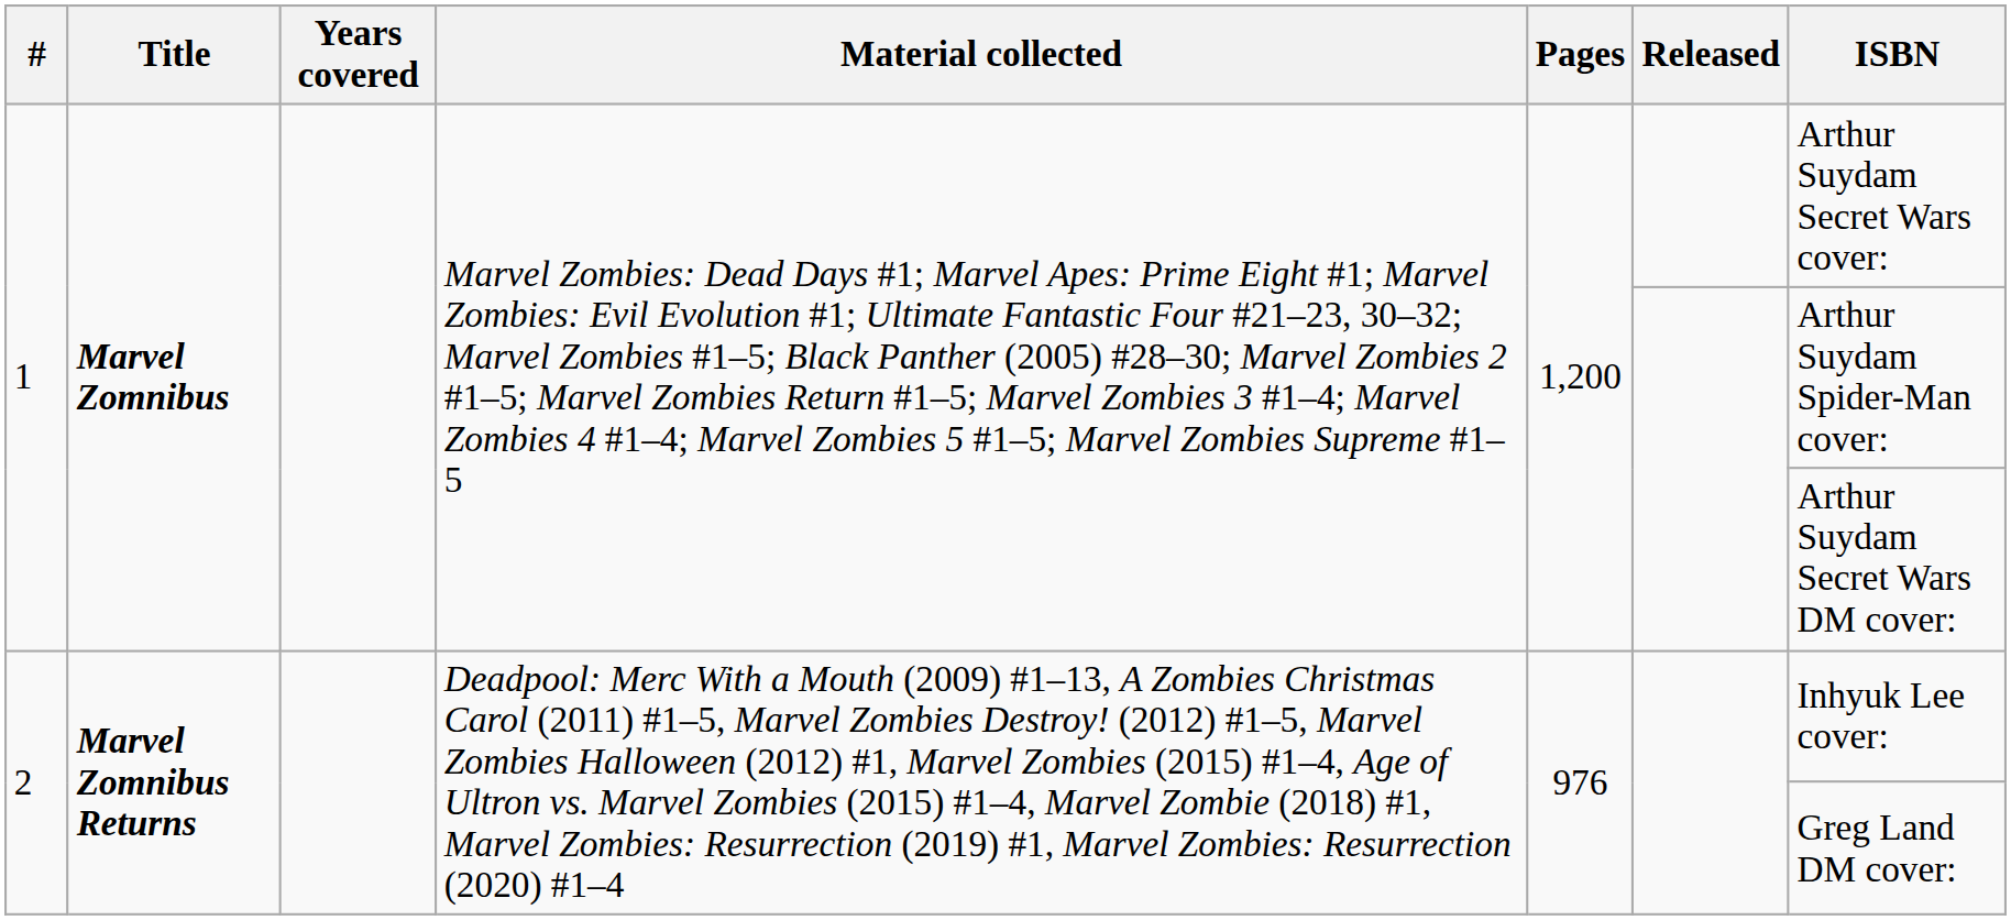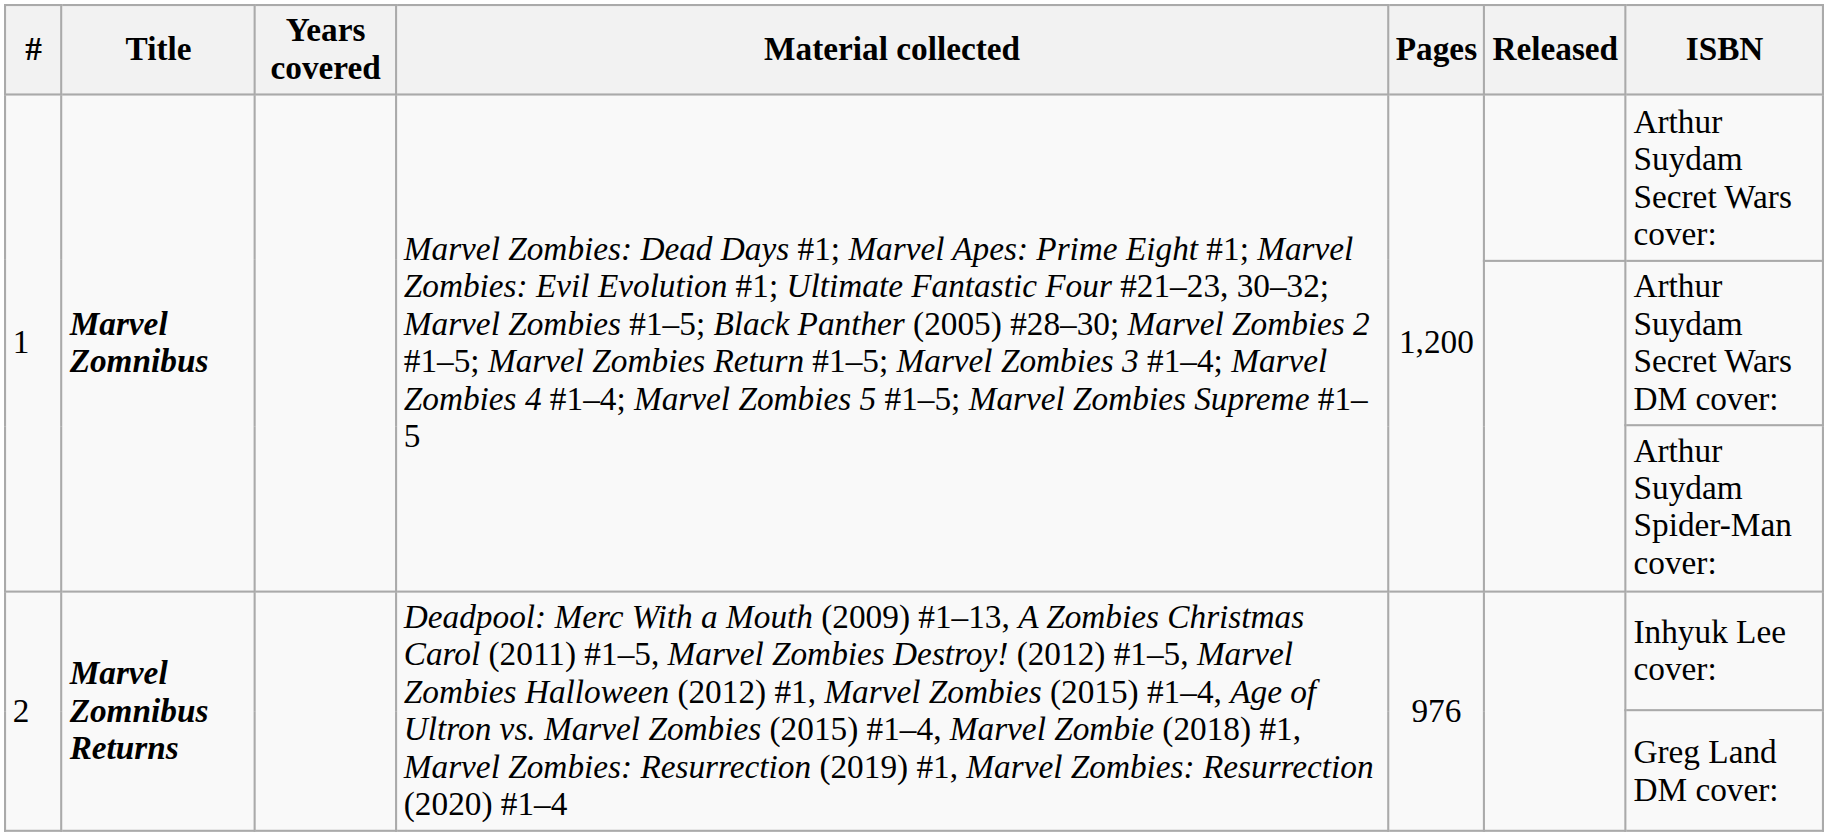 <table class="wikitable sortable" width=99%>
 <tr>
 <th class="unsortable" width=20px>#</th>
 <th>Title</th>
 <th>Years covered</th>
 <th class="unsortable">Material collected</th>
 <th>Pages</th>
 <th>Released</th>
 <th class="unsortable">ISBN</th>
 </tr>
 <tr>
 <td rowspan=3>1</td>
 <td rowspan=3><strong><em>Marvel Zomnibus</em></strong></td>
 <td rowspan=3></td>
 <td rowspan=3><em>Marvel Zombies: Dead Days</em> #1; <em>Marvel Apes: Prime Eight</em> #1; <em>Marvel Zombies: Evil Evolution</em> #1; <em>Ultimate Fantastic Four</em> #21–23, 30–32; <em>Marvel Zombies</em> #1–5; <em>Black Panther</em> (2005) #28–30; <em>Marvel Zombies 2</em> #1–5; <em>Marvel Zombies Return</em> #1–5; <em>Marvel Zombies 3</em> #1–4; <em>Marvel Zombies 4</em> #1–4; <em>Marvel Zombies 5</em> #1–5; <em>Marvel Zombies Supreme</em> #1–5</td>
 <td style="text-align: center;" rowspan=3>1,200</td>
 <td></td>
 <td>Arthur Suydam Secret Wars cover: </td>
 </tr>
 <tr>
 <td rowspan=2></td>
-<td>Arthur Suydam Spider-Man cover: </td>
+<td>Arthur Suydam Secret Wars DM cover: </td>
 </tr>
 <tr>
-<td>Arthur Suydam Secret Wars DM cover: </td>
+<td>Arthur Suydam Spider-Man cover: </td>
 </tr>
 <tr>
 <td rowspan=2>2</td>
 <td rowspan=2><strong><em>Marvel Zomnibus Returns</em></strong></td>
 <td rowspan=2></td>
 <td rowspan=2><em>Deadpool: Merc With a Mouth</em> (2009) #1–13, <em>A Zombies Christmas Carol</em> (2011) #1–5, <em>Marvel Zombies Destroy!</em> (2012) #1–5, <em>Marvel Zombies Halloween</em> (2012) #1, <em>Marvel Zombies</em> (2015) #1–4, <em>Age of Ultron vs. Marvel Zombies</em> (2015) #1–4, <em>Marvel Zombie</em> (2018) #1, <em>Marvel Zombies: Resurrection</em> (2019) #1, <em>Marvel Zombies: Resurrection</em> (2020) #1–4</td>
 <td style="text-align: center;" rowspan=2>976</td>
 <td rowspan=2></td>
 <td>Inhyuk Lee cover: </td>
 </tr>
 <tr>
 <td>Greg Land DM cover: </td>
 </tr>
 </table>
